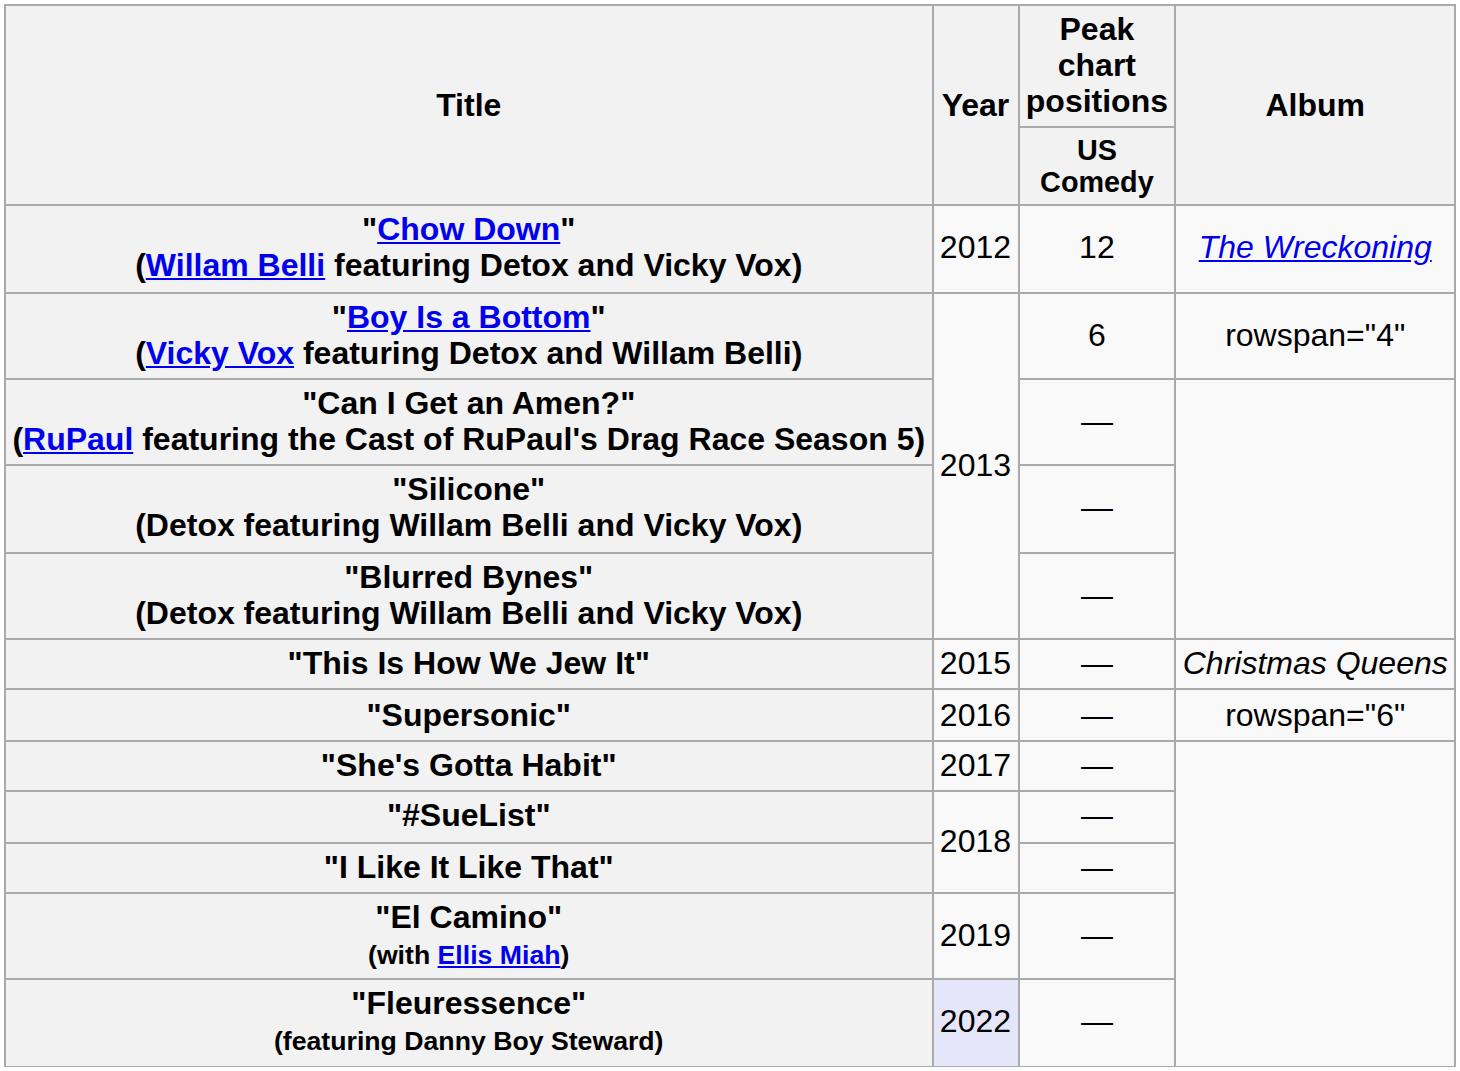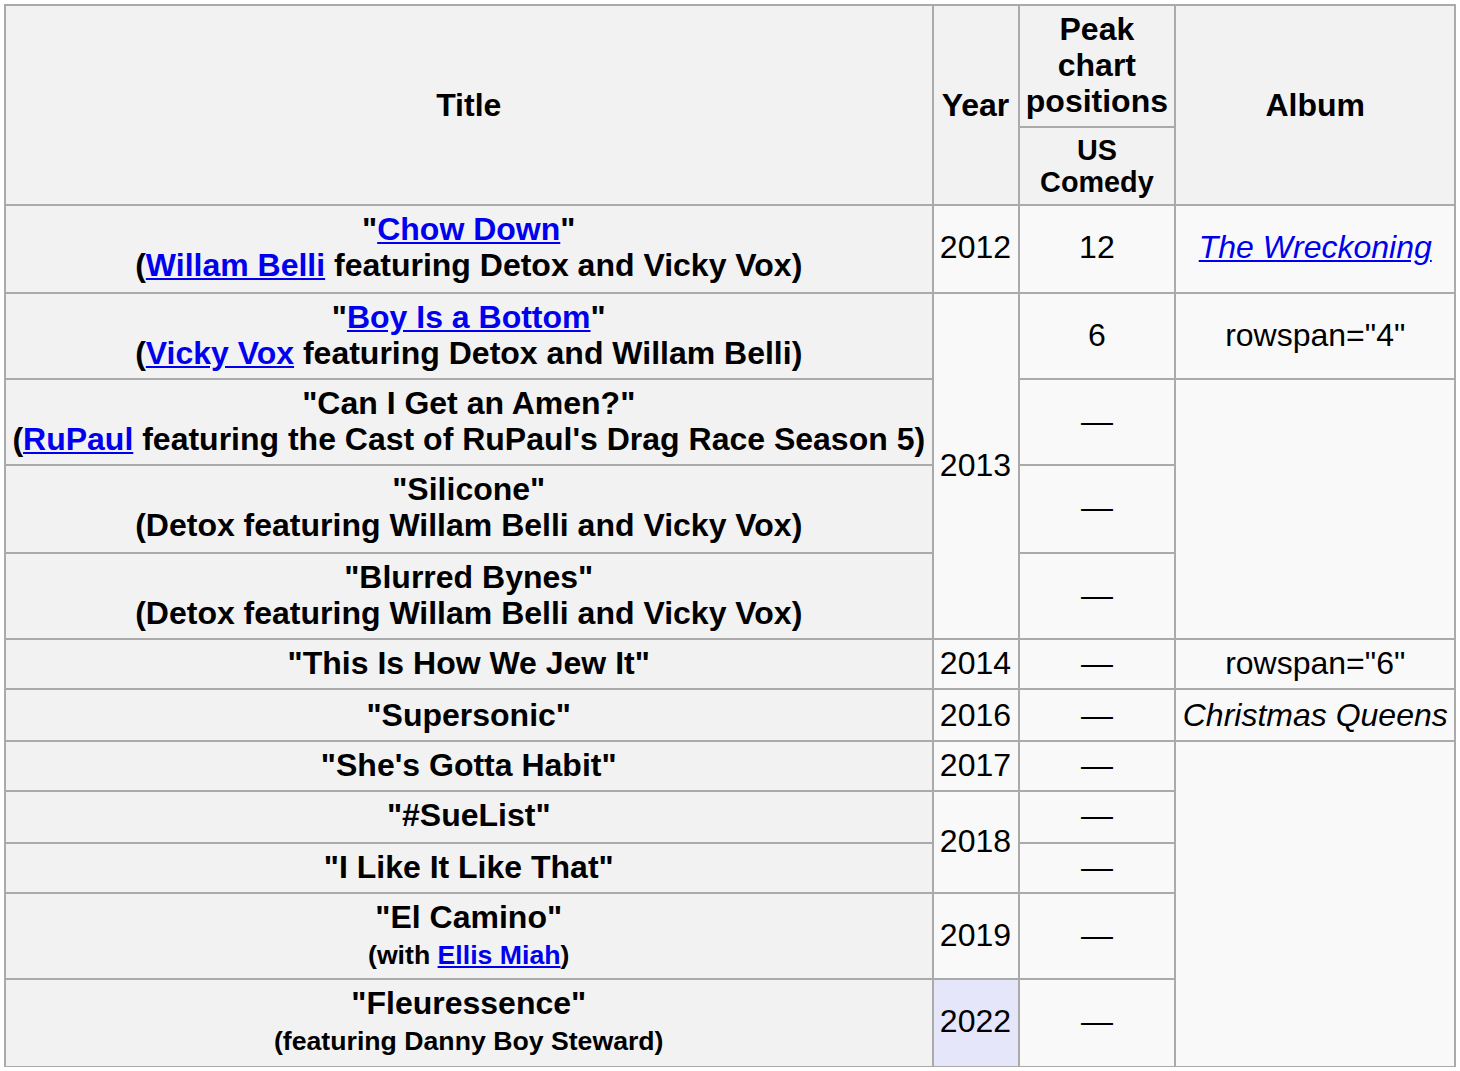 <table class="wikitable plainrowheaders" style="text-align:center;" border="1">
 <tr>
 <th scope="col" rowspan="2">Title</th>
 <th scope="col" rowspan="2">Year</th>
 <th scope="col" colspan="1">Peak chart positions</th>
 <th scope="col" rowspan="2">Album</th>
 </tr>
 <tr>
 <th scope="col" style="width:3em;font-size:90%;">US Comedy<br></th>
 </tr>
 <tr>
 <th scope="row">"<a href='#'>Chow Down</a>" <br><span>(<a href='#'>Willam Belli</a> featuring Detox and Vicky Vox)</span></th>
 <td rowspan="1">2012</td>
 <td>12</td>
 <td><em><a href='#'>The Wreckoning</a></em></td>
 </tr>
 <tr>
 <th scope="row">"<a href='#'>Boy Is a Bottom</a>" <br><span>(<a href='#'>Vicky Vox</a> featuring Detox and Willam Belli)</span></th>
 <td rowspan="4">2013</td>
 <td>6</td>
 <td>rowspan="4" </td>
 </tr>
 <tr>
 <th scope="row">"Can I Get an Amen?" <br><span>(<a href='#'>RuPaul</a> featuring the Cast of RuPaul's Drag Race Season 5)</span></th>
 <td>—</td>
 </tr>
 <tr>
 <th scope="row">"Silicone" <br><span>(Detox featuring Willam Belli and Vicky Vox)</span></th>
 <td>—</td>
 </tr>
 <tr>
 <th scope="row">"Blurred Bynes" <br><span>(Detox featuring Willam Belli and Vicky Vox)</span></th>
 <td>—</td>
 </tr>
 <tr>
 <th scope="row">"This Is How We Jew It"</th>
-<td>2015</td>
+<td>2014</td>
 <td>—</td>
-<td><em>Christmas Queens</em></td>
+<td>rowspan="6" </td>
 </tr>
 <tr>
 <th scope="row">"Supersonic"</th>
 <td>2016</td>
 <td>—</td>
-<td>rowspan="6" </td>
+<td><em>Christmas Queens</em></td>
 </tr>
 <tr>
 <th scope="row">"She's Gotta Habit"</th>
 <td>2017</td>
 <td>—</td>
 </tr>
 <tr>
 <th scope="row">"#SueList"</th>
 <td rowspan="2">2018</td>
 <td>—</td>
 </tr>
 <tr>
 <th scope="row">"I Like It Like That"</th>
 <td>—</td>
 </tr>
 <tr>
 <th scope="row">"El Camino" <br> <small>(with <a href='#'>Ellis Miah</a>)</small></th>
 <td>2019</td>
 <td>—</td>
 </tr>
 <tr>
 <th scope="row">"Fleuressence" <br> <small>(featuring Danny Boy Steward)</small></th>
 <td style="background: lavender;">2022</td>
 <td>—</td>
 </tr>
 <tr>
 </tr>
 </table>
